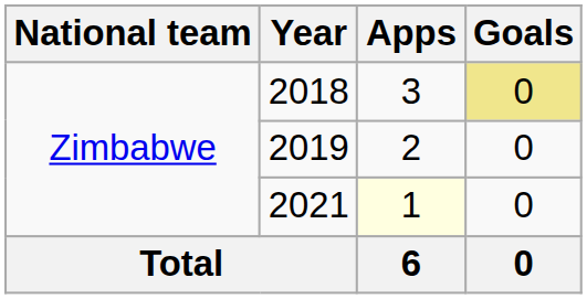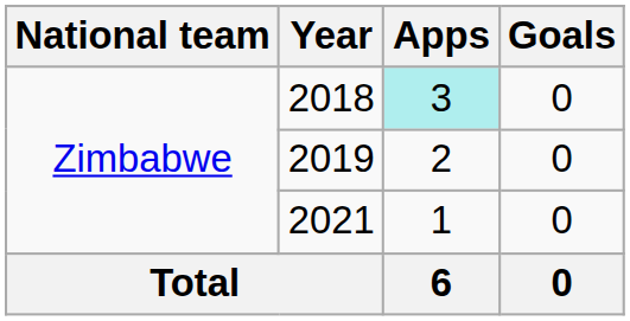 <table class="wikitable" style="text-align:center">
 <tr>
 <th>National team</th>
 <th>Year</th>
 <th>Apps</th>
 <th>Goals</th>
 </tr>
 <tr>
 <td rowspan="3"><a href='#'>Zimbabwe</a></td>
 <td>2018</td>
-<td>3</td>
-<td style="background: khaki;">0</td>
+<td style="background: paleturquoise;">3</td>
+<td>0</td>
 </tr>
 <tr>
 <td>2019</td>
 <td>2</td>
 <td>0</td>
 </tr>
 <tr>
 <td>2021</td>
-<td style="background: lightyellow;">1</td>
+<td>1</td>
 <td>0</td>
 </tr>
 <tr>
 <th colspan=2>Total</th>
 <th>6</th>
 <th>0</th>
 </tr>
 </table>
